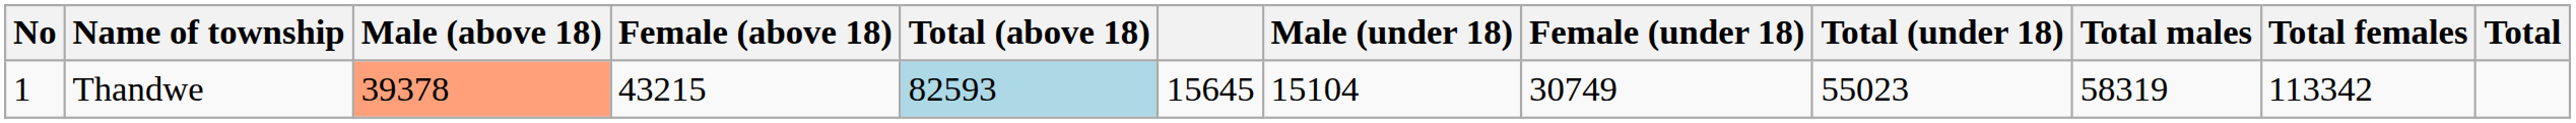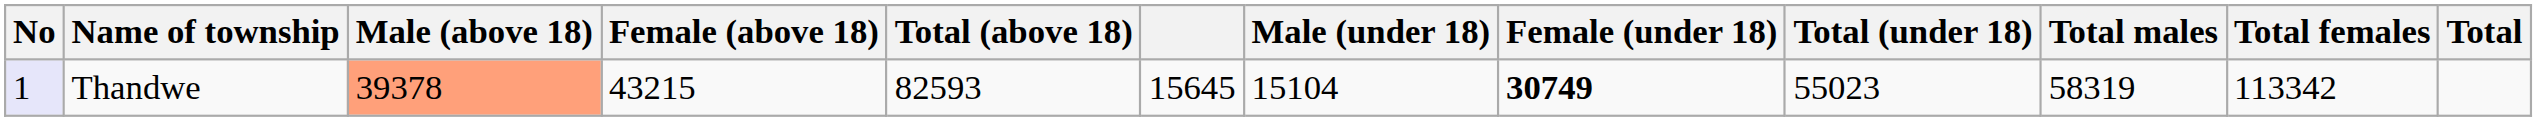 <table class="wikitable">
 <tr>
 <th>No</th>
 <th>Name of township</th>
 <th>Male (above 18)</th>
 <th>Female (above 18)</th>
 <th>Total (above 18)</th>
 <th></th>
 <th>Male (under 18)</th>
 <th>Female (under 18)</th>
 <th>Total (under 18)</th>
 <th>Total males</th>
 <th>Total females</th>
 <th>Total</th>
 </tr>
 <tr>
-<td>1</td>
+<td style="background: lavender;">1</td>
 <td>Thandwe</td>
 <td style="background: lightsalmon;">39378</td>
 <td>43215</td>
-<td style="background: lightblue;">82593</td>
+<td>82593</td>
 <td>15645</td>
 <td>15104</td>
-<td>30749</td>
+<td><strong>30749</strong></td>
 <td>55023</td>
 <td>58319</td>
 <td>113342</td>
 </tr>
 </table>
